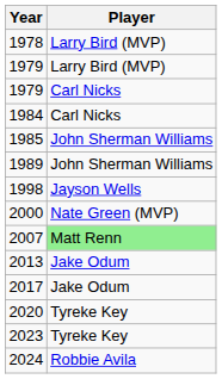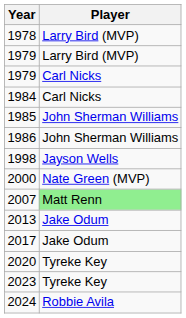 <table class="wikitable">
 <tr>
 <th>Year</th>
 <th>Player</th>
 </tr>
 <tr>
 <td>1978</td>
 <td><a href='#'>Larry Bird</a> (MVP)</td>
 </tr>
 <tr>
 <td>1979</td>
 <td>Larry Bird (MVP)</td>
 </tr>
 <tr>
 <td>1979</td>
 <td><a href='#'>Carl Nicks</a></td>
 </tr>
 <tr>
 <td>1984</td>
 <td>Carl Nicks</td>
 </tr>
 <tr>
 <td>1985</td>
 <td><a href='#'>John Sherman Williams</a></td>
 </tr>
 <tr>
-<td>1989</td>
+<td>1986</td>
 <td>John Sherman Williams</td>
 </tr>
 <tr>
 <td>1998</td>
 <td><a href='#'>Jayson Wells</a></td>
 </tr>
 <tr>
 <td>2000</td>
 <td><a href='#'>Nate Green</a> (MVP)</td>
 </tr>
 <tr>
 <td>2007</td>
 <td style="background: lightgreen;">Matt Renn</td>
 </tr>
 <tr>
 <td>2013</td>
 <td><a href='#'>Jake Odum</a></td>
 </tr>
 <tr>
 <td>2017</td>
 <td>Jake Odum</td>
 </tr>
 <tr>
 <td>2020</td>
 <td>Tyreke Key</td>
 </tr>
 <tr>
 <td>2023</td>
 <td>Tyreke Key</td>
 </tr>
 <tr>
 <td>2024</td>
 <td><a href='#'>Robbie Avila</a></td>
 </tr>
 </table>
